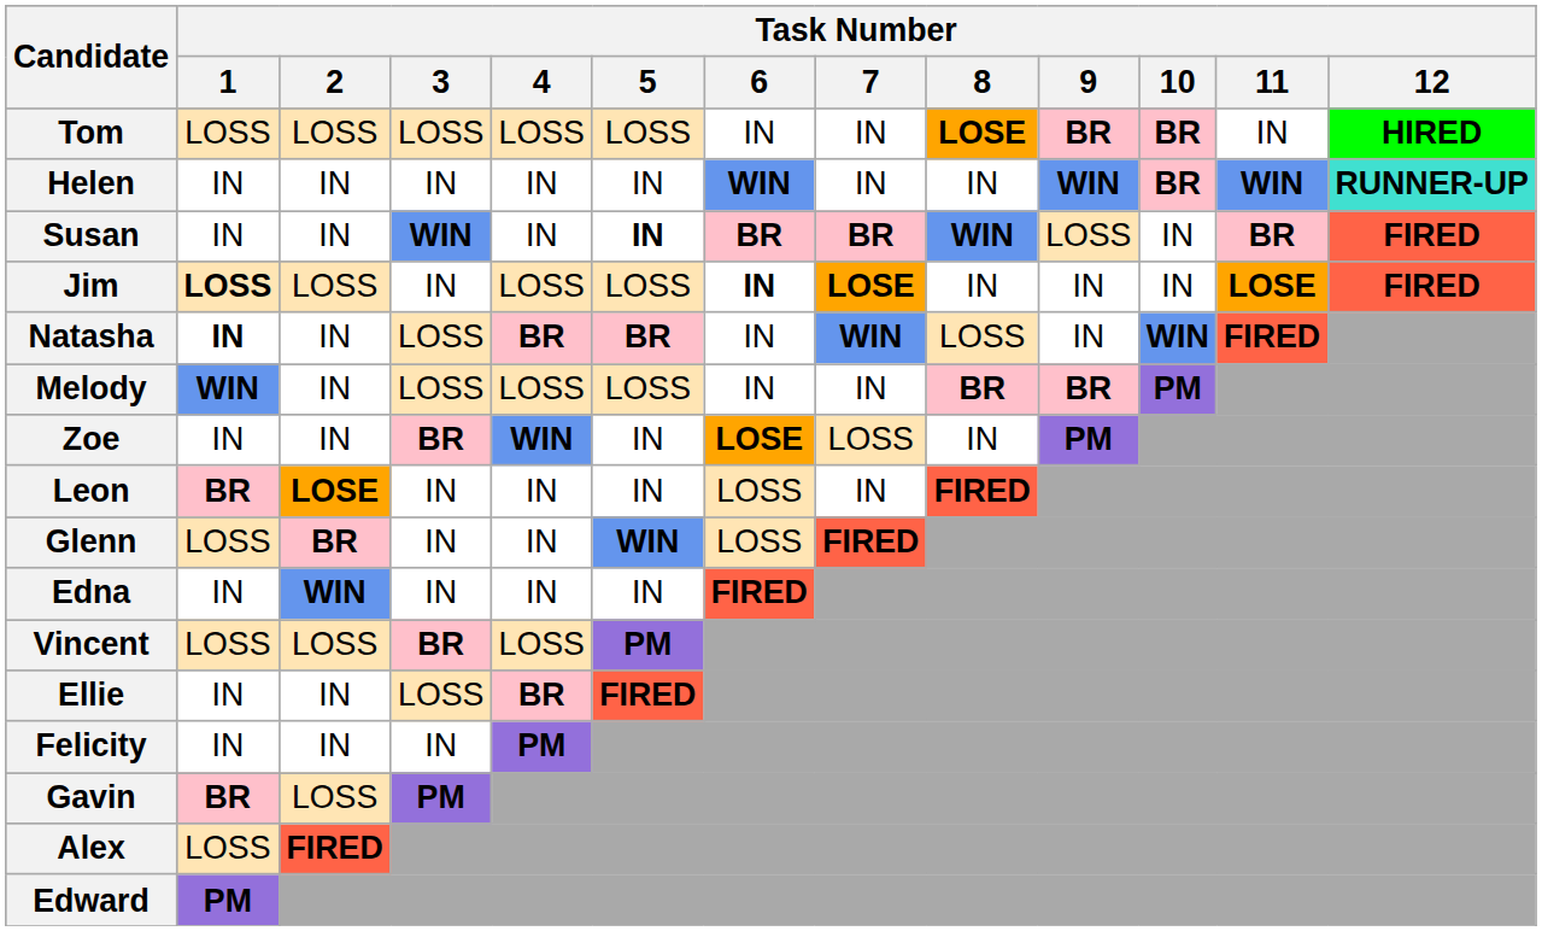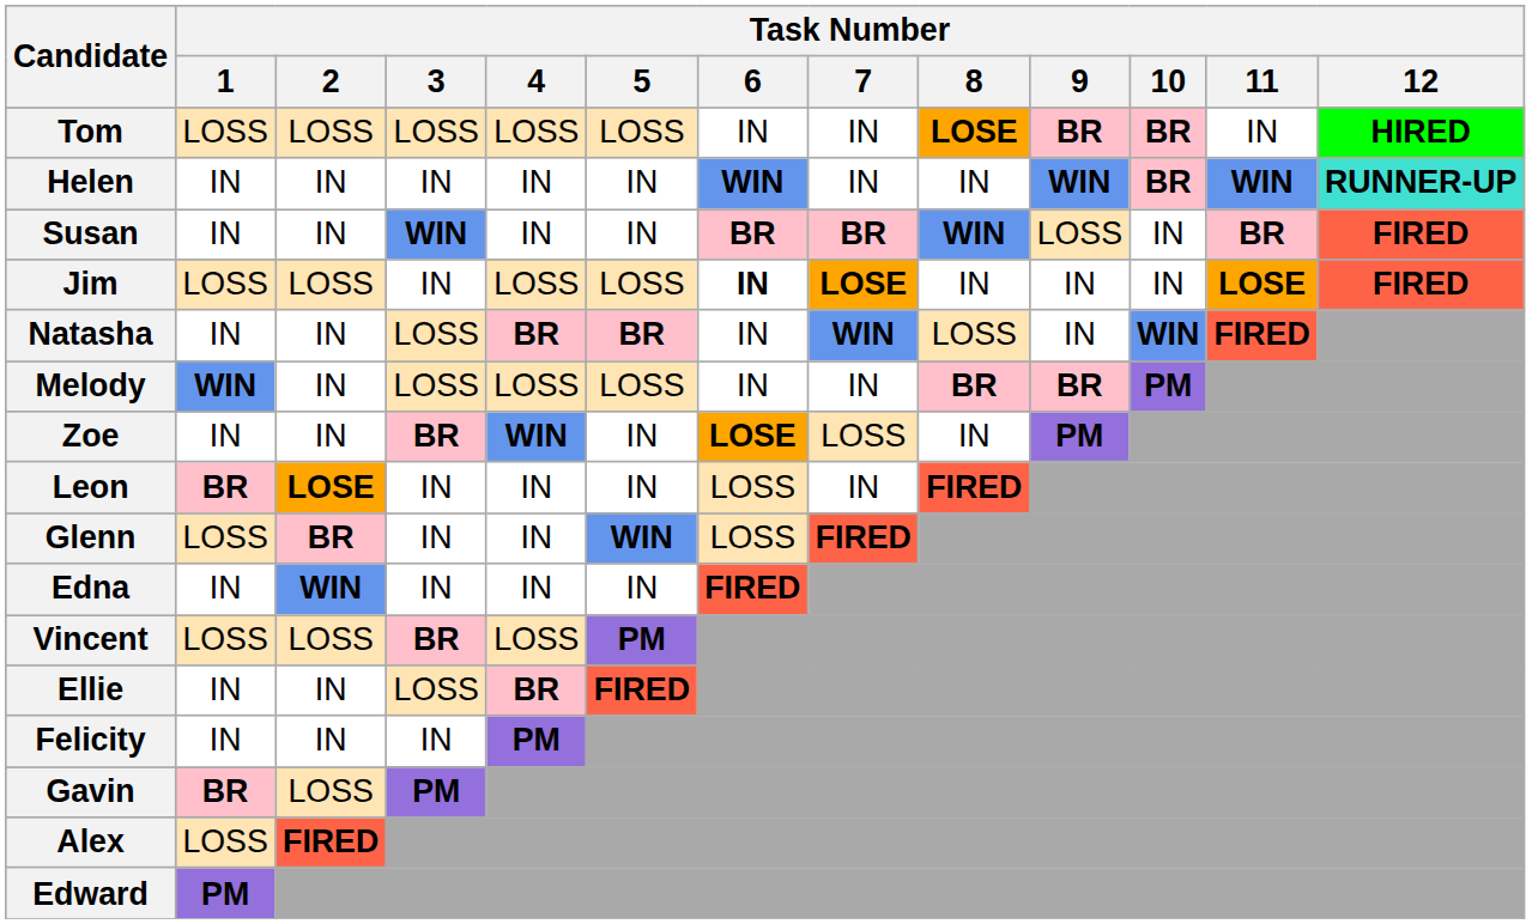 <table class="wikitable" style="text-align:center">
 <tr>
 <th rowspan="2">Candidate</th>
 <th colspan="13">Task Number</th>
 </tr>
 <tr>
 <th>1</th>
 <th>2</th>
 <th>3</th>
 <th>4</th>
 <th>5</th>
 <th>6</th>
 <th>7</th>
 <th>8</th>
 <th>9</th>
 <th>10</th>
 <th>11</th>
 <th>12</th>
 </tr>
 <tr>
 <th>Tom</th>
 <td style="background:#FFE5B4;">LOSS</td>
 <td style="background:#FFE5B4;">LOSS</td>
 <td style="background:#FFE5B4;">LOSS</td>
 <td style="background:#FFE5B4;">LOSS</td>
 <td style="background:#FFE5B4;">LOSS</td>
 <td style="background:white;">IN</td>
 <td style="background:white;">IN</td>
 <td style="background:orange;"><strong>LOSE</strong></td>
 <td style="background:pink;"><strong>BR</strong></td>
 <td style="background:pink;"><strong>BR</strong></td>
 <td style="background:white;">IN</td>
 <td style="background:lime;"><strong>HIRED</strong></td>
 </tr>
 <tr>
 <th>Helen</th>
 <td style="background:white;">IN</td>
 <td style="background:white;">IN</td>
 <td style="background:white;">IN</td>
 <td style="background:white;">IN</td>
 <td style="background:white;">IN</td>
 <td style="background:cornflowerblue;"><strong>WIN</strong></td>
 <td style="background:white;">IN</td>
 <td style="background:white;">IN</td>
 <td style="background:cornflowerblue;"><strong>WIN</strong></td>
 <td style="background:pink;"><strong>BR</strong></td>
 <td style="background:cornflowerblue;"><strong>WIN</strong></td>
 <td style="background:turquoise;"><strong>RUNNER-UP</strong></td>
 </tr>
 <tr>
 <th>Susan</th>
 <td style="background:white;">IN</td>
 <td style="background:white;">IN</td>
 <td style="background:cornflowerblue;"><strong>WIN</strong></td>
 <td style="background:white;">IN</td>
-<td style="background:white;"><strong>IN</strong></td>
+<td style="background:white;">IN</td>
 <td style="background:pink;"><strong>BR</strong></td>
 <td style="background:pink;"><strong>BR</strong></td>
 <td style="background:cornflowerblue;"><strong>WIN</strong></td>
 <td style="background:#FFE5B4;">LOSS</td>
 <td style="background:white;">IN</td>
 <td style="background:pink;"><strong>BR</strong></td>
 <td style="background:tomato;"><strong>FIRED</strong></td>
 </tr>
 <tr>
 <th>Jim</th>
-<td style="background:#FFE5B4;"><strong>LOSS</strong></td>
+<td style="background:#FFE5B4;">LOSS</td>
 <td style="background:#FFE5B4;">LOSS</td>
 <td style="background:white;">IN</td>
 <td style="background:#FFE5B4;">LOSS</td>
 <td style="background:#FFE5B4;">LOSS</td>
 <td style="background:white;"><strong>IN</strong></td>
 <td style="background:orange;"><strong>LOSE</strong></td>
 <td style="background:white;">IN</td>
 <td style="background:white;">IN</td>
 <td style="background:white;">IN</td>
 <td style="background:orange;"><strong>LOSE</strong></td>
 <td style="background:tomato;"><strong>FIRED</strong></td>
 </tr>
 <tr>
 <th>Natasha</th>
-<td style="background:white;"><strong>IN</strong></td>
+<td style="background:white;">IN</td>
 <td style="background:white;">IN</td>
 <td style="background:#FFE5B4;">LOSS</td>
 <td style="background:pink;"><strong>BR</strong></td>
 <td style="background:pink;"><strong>BR</strong></td>
 <td style="background:white;">IN</td>
 <td style="background:cornflowerblue;"><strong>WIN</strong></td>
 <td style="background:#FFE5B4;">LOSS</td>
 <td style="background:white;">IN</td>
 <td style="background:cornflowerblue;"><strong>WIN</strong></td>
 <td style="background:tomato;"><strong>FIRED</strong></td>
 <td colspan="1" style="background:darkgrey;"></td>
 </tr>
 <tr>
 <th>Melody</th>
 <td style="background:cornflowerblue;"><strong>WIN</strong></td>
 <td style="background:white;">IN</td>
 <td style="background:#FFE5B4;">LOSS</td>
 <td style="background:#FFE5B4;">LOSS</td>
 <td style="background:#FFE5B4;">LOSS</td>
 <td style="background:white;">IN</td>
 <td style="background:white;">IN</td>
 <td style="background:pink;"><strong>BR</strong></td>
 <td style="background:pink;"><strong>BR</strong></td>
 <td style="background:#9370DB;"><strong>PM</strong></td>
 <td colspan="2" style="background:darkgrey;"></td>
 </tr>
 <tr>
 <th>Zoe</th>
 <td style="background:white;">IN</td>
 <td style="background:white;">IN</td>
 <td style="background:pink;"><strong>BR</strong></td>
 <td style="background:cornflowerblue;"><strong>WIN</strong></td>
 <td style="background:white;">IN</td>
 <td style="background:orange;"><strong>LOSE</strong></td>
 <td style="background:#FFE5B4;">LOSS</td>
 <td style="background:white;">IN</td>
 <td style="background:#9370DB;"><strong>PM</strong></td>
 <td colspan="3" style="background:darkgrey;"></td>
 </tr>
 <tr>
 <th>Leon</th>
 <td style="background:pink;"><strong>BR</strong></td>
 <td style="background:orange;"><strong>LOSE</strong></td>
 <td style="background:white;">IN</td>
 <td style="background:white;">IN</td>
 <td style="background:white;">IN</td>
 <td style="background:#FFE5B4;">LOSS</td>
 <td style="background:white;">IN</td>
 <td style="background:tomato;"><strong>FIRED</strong></td>
 <td colspan="4" style="background:darkgrey;"></td>
 </tr>
 <tr>
 <th>Glenn</th>
 <td style="background:#FFE5B4;">LOSS</td>
 <td style="background:pink;"><strong>BR</strong></td>
 <td style="background:white;">IN</td>
 <td style="background:white;">IN</td>
 <td style="background:cornflowerblue;"><strong>WIN</strong></td>
 <td style="background:#FFE5B4;">LOSS</td>
 <td style="background:tomato;"><strong>FIRED</strong></td>
 <td colspan="5" style="background:darkgrey;"></td>
 </tr>
 <tr>
 <th>Edna</th>
 <td style="background:white;">IN</td>
 <td style="background:cornflowerblue;"><strong>WIN</strong></td>
 <td style="background:white;">IN</td>
 <td style="background:white;">IN</td>
 <td style="background:white;">IN</td>
 <td style="background:tomato;"><strong>FIRED</strong></td>
 <td colspan="6" style="background:darkgrey;"></td>
 </tr>
 <tr>
 <th>Vincent</th>
 <td style="background:#FFE5B4;">LOSS</td>
 <td style="background:#FFE5B4;">LOSS</td>
 <td style="background:pink;"><strong>BR</strong></td>
 <td style="background:#FFE5B4;">LOSS</td>
 <td style="background:#9370DB;"><strong>PM</strong></td>
 <td colspan="7" style="background:darkgrey;"></td>
 </tr>
 <tr>
 <th>Ellie</th>
 <td style="background:white;">IN</td>
 <td style="background:white;">IN</td>
 <td style="background:#FFE5B4;">LOSS</td>
 <td style="background:pink;"><strong>BR</strong></td>
 <td style="background:tomato;"><strong>FIRED</strong></td>
 <td colspan="7" style="background:darkgrey;"></td>
 </tr>
 <tr>
 <th>Felicity</th>
 <td style="background:white;">IN</td>
 <td style="background:white;">IN</td>
 <td style="background:white;">IN</td>
 <td style="background:#9370DB;"><strong>PM</strong></td>
 <td colspan="8" style="background:darkgrey;"></td>
 </tr>
 <tr>
 <th>Gavin</th>
 <td style="background:pink;"><strong>BR</strong></td>
 <td style="background:#FFE5B4;">LOSS</td>
 <td style="background:#9370DB;"><strong>PM</strong></td>
 <td colspan="9" style="background:darkgrey;"></td>
 </tr>
 <tr>
 <th>Alex</th>
 <td style="background:#FFE5B4;">LOSS</td>
 <td style="background:tomato;"><strong>FIRED</strong></td>
 <td colspan="10" style="background:darkgrey;"></td>
 </tr>
 <tr>
 <th>Edward</th>
 <td style="background:#9370DB;"><strong>PM</strong></td>
 <td colspan="11" style="background:darkgrey;"></td>
 </tr>
 </table>
